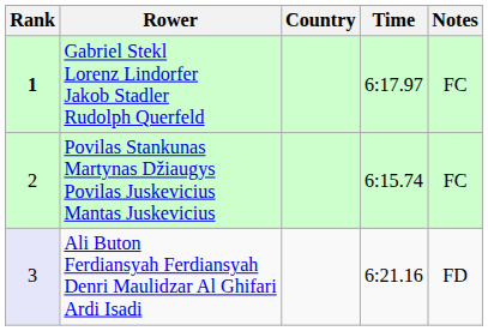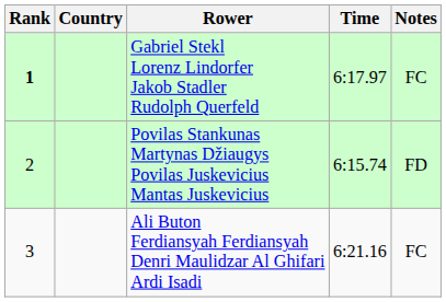 <table class="wikitable" style="text-align:center">
 <tr>
 <th>Rank</th>
+<th>Country</th>
 <th>Rower</th>
-<th>Country</th>
 <th>Time</th>
 <th>Notes</th>
 </tr>
 <tr bgcolor=ccffcc>
 <td><strong>1</strong></td>
+<td align="left"></td>
 <td align="left"><a href='#'>Gabriel Stekl</a><br><a href='#'>Lorenz Lindorfer</a><br><a href='#'>Jakob Stadler</a><br><a href='#'>Rudolph Querfeld</a></td>
-<td align="left"></td>
 <td>6:17.97</td>
 <td>FC</td>
 </tr>
 <tr bgcolor=ccffcc>
 <td>2</td>
+<td align="left"></td>
 <td align="left"><a href='#'>Povilas Stankunas</a><br><a href='#'>Martynas Džiaugys</a><br><a href='#'>Povilas Juskevicius</a><br><a href='#'>Mantas Juskevicius</a></td>
+<td>6:15.74</td>
+<td>FD</td>
+</tr>
+<tr>
+<td>3</td>
 <td align="left"></td>
-<td>6:15.74</td>
+<td align="left"><a href='#'>Ali Buton</a><br><a href='#'>Ferdiansyah Ferdiansyah</a><br><a href='#'>Denri Maulidzar Al Ghifari</a><br><a href='#'>Ardi Isadi</a></td>
+<td>6:21.16</td>
 <td>FC</td>
 </tr>
-<tr>
-<td style="background: lavender;">3</td>
-<td align="left"><a href='#'>Ali Buton</a><br><a href='#'>Ferdiansyah Ferdiansyah</a><br><a href='#'>Denri Maulidzar Al Ghifari</a><br><a href='#'>Ardi Isadi</a></td>
-<td align="left"></td>
-<td>6:21.16</td>
-<td>FD</td>
-</tr>
 </table>
